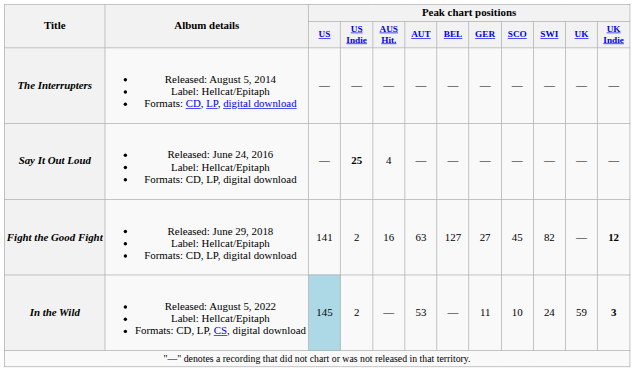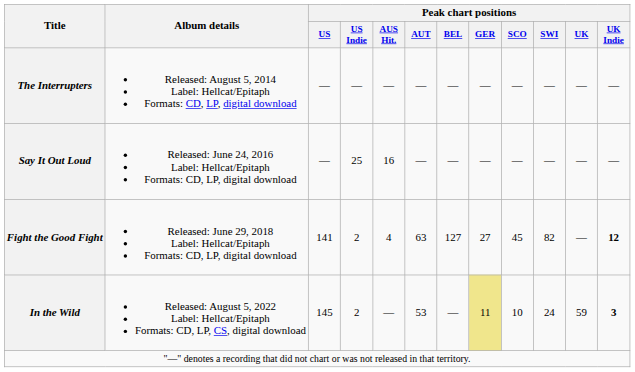 <table class="wikitable plainrowheaders" style="text-align:center;">
 <tr>
 <th scope="col" rowspan="2">Title</th>
 <th scope="col" rowspan="2">Album details</th>
 <th scope="col" colspan="10">Peak chart positions</th>
 </tr>
 <tr>
 <th scope="col" style="width:3em;font-size:85%;"><a href='#'>US</a><br></th>
 <th scope="col" style="width:3em;font-size:85%;"><a href='#'>US<br>Indie</a><br></th>
 <th scope="col" style="width:3em;font-size:85%;"><a href='#'>AUS<br>Hit.</a><br></th>
 <th scope="col" style="width:3em;font-size:85%;"><a href='#'>AUT</a><br></th>
 <th scope="col" style="width:3em;font-size:85%;"><a href='#'>BEL</a><br></th>
 <th scope="col" style="width:3em;font-size:85%;"><a href='#'>GER</a><br></th>
 <th scope="col" style="width:3em;font-size:85%;"><a href='#'>SCO</a><br></th>
 <th scope="col" style="width:3em;font-size:85%;"><a href='#'>SWI</a><br></th>
 <th scope="col" style="width:3em;font-size:85%;"><a href='#'>UK</a><br></th>
 <th scope="col" style="width:3em;font-size:85%;"><a href='#'>UK<br>Indie</a><br></th>
 </tr>
 <tr>
 <th scope="row"><em>The Interrupters</em></th>
 <td><br><ul><li>Released: August 5, 2014</li><li>Label: Hellcat/Epitaph</li><li>Formats: <a href='#'>CD</a>, <a href='#'>LP</a>, <a href='#'>digital download</a></li></ul></td>
 <td>—</td>
 <td>—</td>
 <td>—</td>
 <td>—</td>
 <td>—</td>
 <td>—</td>
 <td>—</td>
 <td>—</td>
 <td>—</td>
 <td>—</td>
 </tr>
 <tr>
 <th scope="row"><em>Say It Out Loud</em></th>
 <td><br><ul><li>Released: June 24, 2016</li><li>Label: Hellcat/Epitaph</li><li>Formats: CD, LP, digital download</li></ul></td>
 <td>—</td>
-<td><strong>25</strong></td>
-<td>4</td>
+<td>25</td>
+<td>16</td>
 <td>—</td>
 <td>—</td>
 <td>—</td>
 <td>—</td>
 <td>—</td>
 <td>—</td>
 <td>—</td>
 </tr>
 <tr>
 <th scope="row"><em>Fight the Good Fight</em></th>
 <td><br><ul><li>Released: June 29, 2018</li><li>Label: Hellcat/Epitaph</li><li>Formats: CD, LP, digital download</li></ul></td>
 <td>141</td>
 <td>2</td>
-<td>16</td>
+<td>4</td>
 <td>63</td>
 <td>127</td>
 <td>27</td>
 <td>45</td>
 <td>82</td>
 <td>—</td>
 <td><strong>12</strong></td>
 </tr>
 <tr>
 <th scope="row"><em>In the Wild</em></th>
 <td><br><ul><li>Released: August 5, 2022</li><li>Label: Hellcat/Epitaph</li><li>Formats: CD, LP, <a href='#'>CS</a>, digital download</li></ul></td>
-<td style="background: lightblue;">145</td>
+<td>145</td>
 <td>2</td>
 <td>—</td>
 <td>53</td>
 <td>—</td>
-<td>11</td>
+<td style="background: khaki;">11</td>
 <td>10</td>
 <td>24</td>
 <td>59</td>
 <td><strong>3</strong></td>
 </tr>
 <tr>
 <td colspan="16" style="font-size:90%">"—" denotes a recording that did not chart or was not released in that territory.</td>
 </tr>
 </table>
